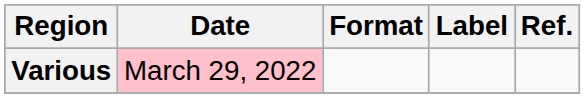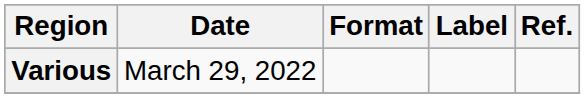 <table class="wikitable plainrowheaders">
 <tr>
 <th scope="col">Region</th>
 <th scope="col">Date</th>
 <th scope="col">Format</th>
 <th scope="col">Label</th>
 <th scope="col">Ref.</th>
 </tr>
 <tr>
 <th scope="row">Various</th>
-<td style="background: pink;">March 29, 2022</td>
+<td>March 29, 2022</td>
 <td></td>
 <td></td>
 <td></td>
 </tr>
 <tr>
 </tr>
 </table>
